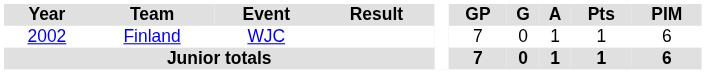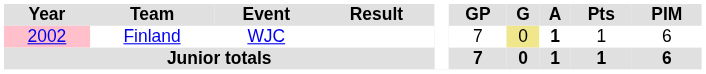 <table border="0" cellpadding="1" cellspacing="0" style="text-align:center; width:40em">
 <tr ALIGN="center" bgcolor="#e0e0e0">
 <th>Year</th>
 <th>Team</th>
 <th>Event</th>
 <th>Result</th>
 <th rowspan="99" bgcolor="#ffffff"> </th>
 <th>GP</th>
 <th>G</th>
 <th>A</th>
 <th>Pts</th>
 <th>PIM</th>
 </tr>
 <tr>
-<td><a href='#'>2002</a></td>
+<td style="background: pink;"><a href='#'>2002</a></td>
 <td><a href='#'>Finland</a></td>
 <td><a href='#'>WJC</a></td>
 <td></td>
 <td>7</td>
-<td>0</td>
-<td>1</td>
+<td style="background: khaki;">0</td>
+<td><strong>1</strong></td>
 <td>1</td>
 <td>6</td>
 </tr>
 <tr bgcolor="#e0e0e0">
 <th colspan="4">Junior totals</th>
 <th>7</th>
 <th>0</th>
 <th>1</th>
 <th>1</th>
 <th>6</th>
 </tr>
 </table>
